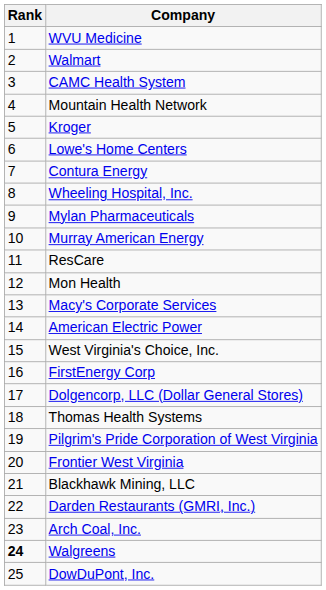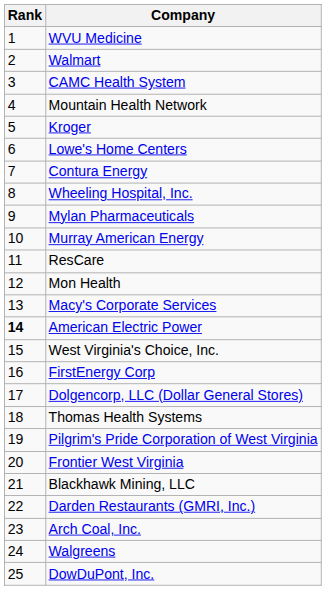 <table class="wikitable">
 <tr>
 <th>Rank</th>
 <th>Company</th>
 </tr>
 <tr>
 <td>1</td>
 <td><a href='#'>WVU Medicine</a></td>
 </tr>
 <tr>
 <td>2</td>
 <td><a href='#'>Walmart</a></td>
 </tr>
 <tr>
 <td>3</td>
 <td><a href='#'>CAMC Health System</a></td>
 </tr>
 <tr>
 <td>4</td>
 <td>Mountain Health Network</td>
 </tr>
 <tr>
 <td>5</td>
 <td><a href='#'>Kroger</a></td>
 </tr>
 <tr>
 <td>6</td>
 <td><a href='#'>Lowe's Home Centers</a></td>
 </tr>
 <tr>
 <td>7</td>
 <td><a href='#'>Contura Energy</a></td>
 </tr>
 <tr>
 <td>8</td>
 <td><a href='#'>Wheeling Hospital, Inc.</a></td>
 </tr>
 <tr>
 <td>9</td>
 <td><a href='#'>Mylan Pharmaceuticals</a></td>
 </tr>
 <tr>
 <td>10</td>
 <td><a href='#'>Murray American Energy</a></td>
 </tr>
 <tr>
 <td>11</td>
 <td>ResCare</td>
 </tr>
 <tr>
 <td>12</td>
 <td>Mon Health</td>
 </tr>
 <tr>
 <td>13</td>
 <td><a href='#'>Macy's Corporate Services</a></td>
 </tr>
 <tr>
-<td>14</td>
+<td><strong>14</strong></td>
 <td><a href='#'>American Electric Power</a></td>
 </tr>
 <tr>
 <td>15</td>
 <td>West Virginia's Choice, Inc.</td>
 </tr>
 <tr>
 <td>16</td>
 <td><a href='#'>FirstEnergy Corp</a></td>
 </tr>
 <tr>
 <td>17</td>
 <td><a href='#'>Dolgencorp, LLC (Dollar General Stores)</a></td>
 </tr>
 <tr>
 <td>18</td>
 <td>Thomas Health Systems</td>
 </tr>
 <tr>
 <td>19</td>
 <td><a href='#'>Pilgrim's Pride Corporation of West Virginia</a></td>
 </tr>
 <tr>
 <td>20</td>
 <td><a href='#'>Frontier West Virginia</a></td>
 </tr>
 <tr>
 <td>21</td>
 <td>Blackhawk Mining, LLC</td>
 </tr>
 <tr>
 <td>22</td>
 <td><a href='#'>Darden Restaurants (GMRI, Inc.)</a></td>
 </tr>
 <tr>
 <td>23</td>
 <td><a href='#'>Arch Coal, Inc.</a></td>
 </tr>
 <tr>
-<td><strong>24</strong></td>
+<td>24</td>
 <td><a href='#'>Walgreens</a></td>
 </tr>
 <tr>
 <td>25</td>
 <td><a href='#'>DowDuPont, Inc.</a></td>
 </tr>
 </table>
